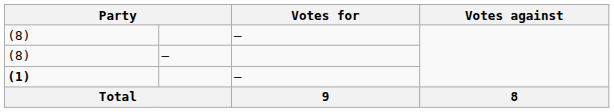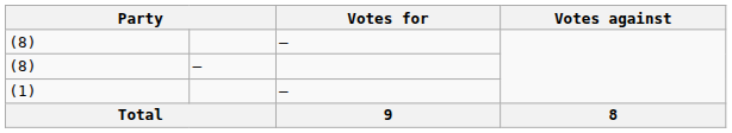 <table class="wikitable" style="width:100%">
 <tr>
 <th style="width:30%;" colspan="2">Party</th>
 <th style="width:25%;">Votes for</th>
 <th style="width:25%;">Votes against</th>
 </tr>
 <tr>
 <td> (8)</td>
 <td></td>
 <td>–</td>
 </tr>
 <tr>
 <td> (8)</td>
 <td>–</td>
 <td></td>
 </tr>
 <tr>
-<td><strong> (1)</strong></td>
+<td> (1)</td>
 <td></td>
 <td>–</td>
 </tr>
 <tr>
 <th colspan=2>Total</th>
 <th>9</th>
 <th>8</th>
 </tr>
 </table>
